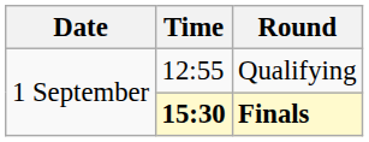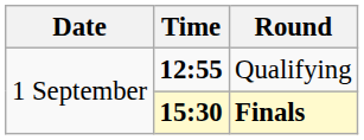 <table class="wikitable">
 <tr>
 <th>Date</th>
 <th>Time</th>
 <th>Round</th>
 </tr>
 <tr>
 <td rowspan=2>1 September</td>
-<td>12:55</td>
+<td><strong>12:55</strong></td>
 <td>Qualifying</td>
 </tr>
 <tr style="background:lemonchiffon">
 <td><strong>15:30</strong></td>
 <td><strong>Finals</strong></td>
 </tr>
 </table>
